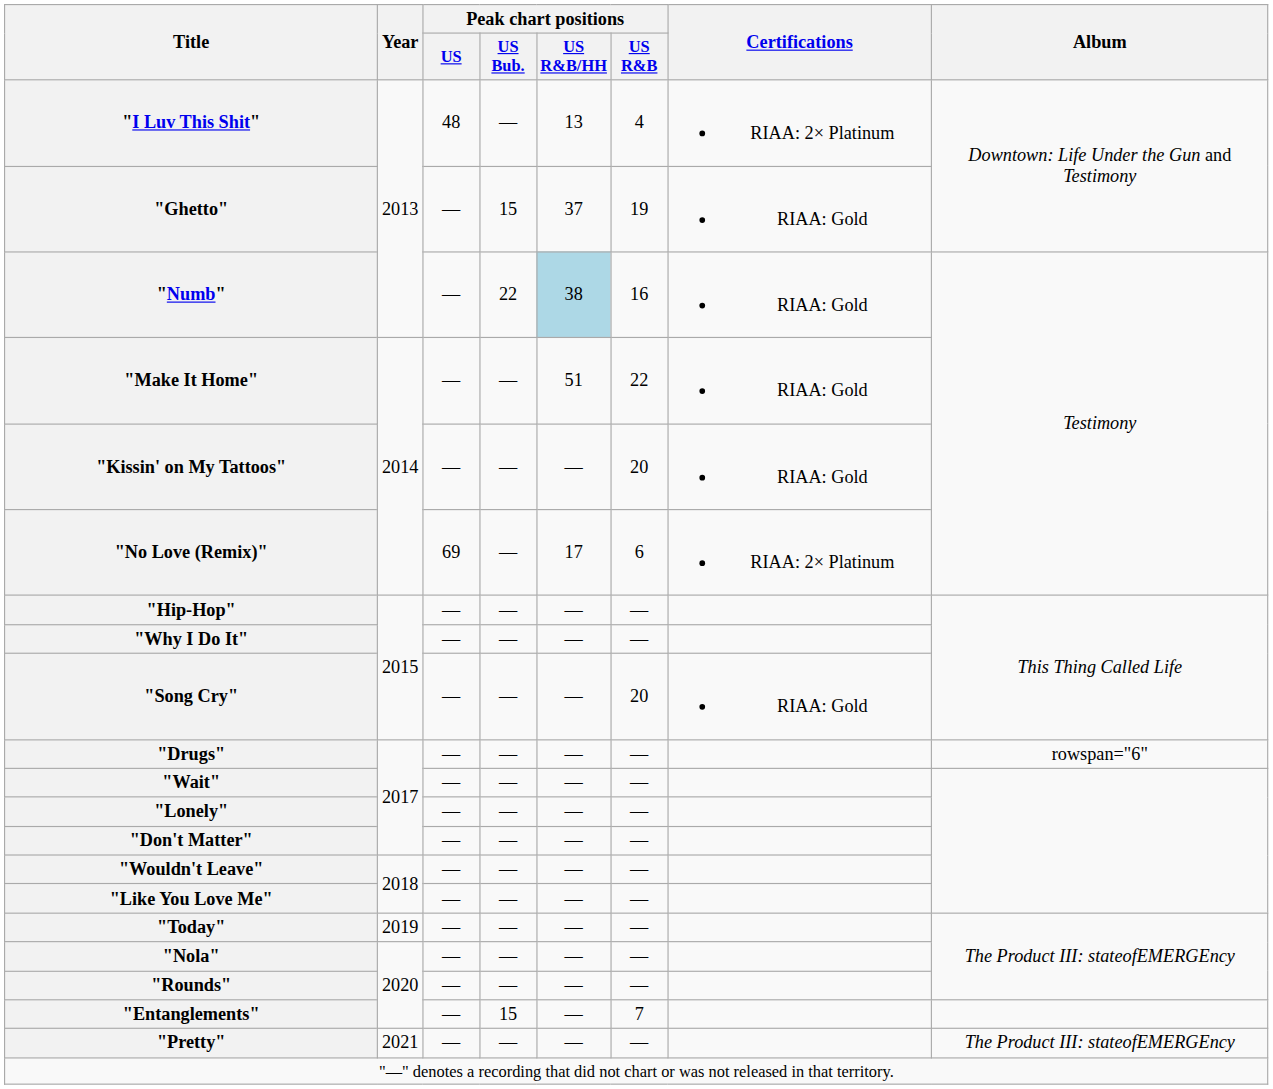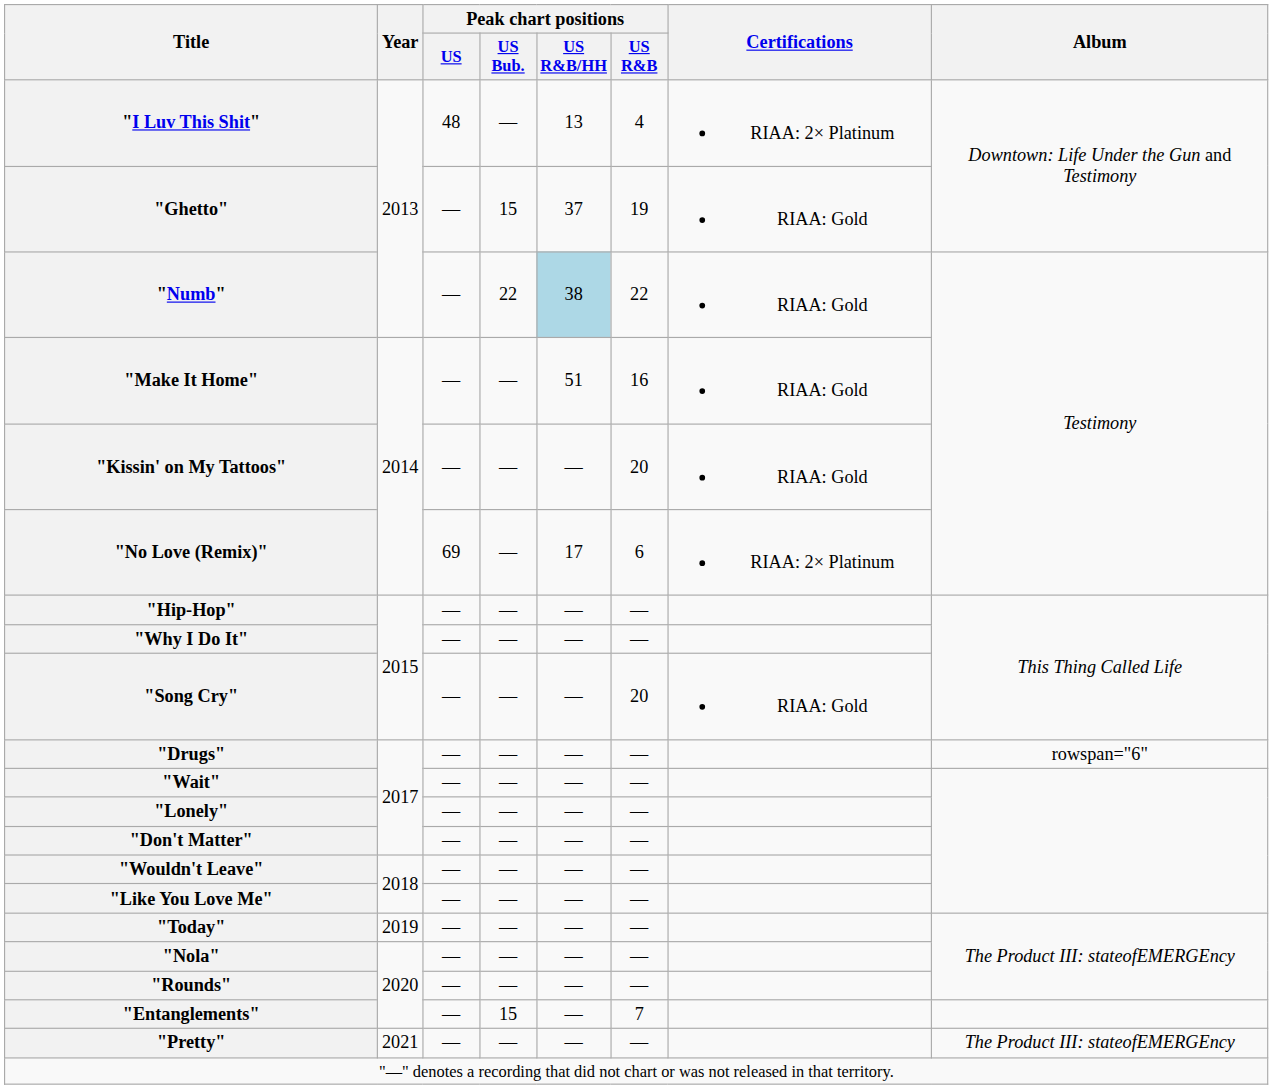 <table class="wikitable plainrowheaders" style="text-align:center;" border="1">
 <tr>
 <th scope="col" rowspan="2" style="width:20em;">Title</th>
 <th scope="col" rowspan="2" style="width:1em;">Year</th>
 <th scope="col" colspan="4">Peak chart positions</th>
 <th scope="col" rowspan="2" style="width:14em;"><a href='#'>Certifications</a></th>
 <th scope="col" rowspan="2" style="width:18em;">Album</th>
 </tr>
 <tr>
 <th scope="col" style="width:3em;font-size:90%;"><a href='#'>US</a><br></th>
 <th scope="col" style="width:3em;font-size:90%;"><a href='#'>US<br>Bub.</a><br></th>
 <th scope="col" style="width:3em;font-size:90%;"><a href='#'>US R&B/HH</a><br></th>
 <th scope="col" style="width:3em;font-size:90%;"><a href='#'>US R&B</a><br></th>
 </tr>
 <tr>
 <th scope="row">"<a href='#'>I Luv This Shit</a>" <br></th>
 <td rowspan="3">2013</td>
 <td>48</td>
 <td>—</td>
 <td>13</td>
 <td>4</td>
 <td><br><ul><li>RIAA: 2× Platinum</li></ul></td>
 <td rowspan="2"><em>Downtown: Life Under the Gun</em> and <em>Testimony</em></td>
 </tr>
 <tr>
 <th scope="row">"Ghetto" <br></th>
 <td>—</td>
 <td>15</td>
 <td>37</td>
 <td>19</td>
 <td><br><ul><li>RIAA: Gold</li></ul></td>
 </tr>
 <tr>
 <th scope="row">"<a href='#'>Numb</a>" <br></th>
 <td>—</td>
 <td>22</td>
 <td style="background: lightblue;">38</td>
-<td>16</td>
+<td>22</td>
 <td><br><ul><li>RIAA: Gold</li></ul></td>
 <td rowspan="4"><em>Testimony</em></td>
 </tr>
 <tr>
 <th scope="row">"Make It Home" <br></th>
 <td rowspan="3">2014</td>
 <td>—</td>
 <td>—</td>
 <td>51</td>
-<td>22</td>
+<td>16</td>
 <td><br><ul><li>RIAA: Gold</li></ul></td>
 </tr>
 <tr>
 <th scope="row">"Kissin' on My Tattoos"</th>
 <td>—</td>
 <td>—</td>
 <td>—</td>
 <td>20</td>
 <td><br><ul><li>RIAA: Gold</li></ul></td>
 </tr>
 <tr>
 <th scope="row">"No Love (Remix)" <br></th>
 <td>69</td>
 <td>—</td>
 <td>17</td>
 <td>6</td>
 <td><br><ul><li>RIAA: 2× Platinum</li></ul></td>
 </tr>
 <tr>
 <th scope="row">"Hip-Hop"</th>
 <td rowspan="3">2015</td>
 <td>—</td>
 <td>—</td>
 <td>—</td>
 <td>—</td>
 <td></td>
 <td rowspan="3"><em>This Thing Called Life</em></td>
 </tr>
 <tr>
 <th scope="row">"Why I Do It" <br></th>
 <td>—</td>
 <td>—</td>
 <td>—</td>
 <td>—</td>
 <td></td>
 </tr>
 <tr>
 <th scope="row">"Song Cry"</th>
 <td>—</td>
 <td>—</td>
 <td>—</td>
 <td>20</td>
 <td><br><ul><li>RIAA: Gold</li></ul></td>
 </tr>
 <tr>
 <th scope="row">"Drugs"</th>
 <td rowspan="4">2017</td>
 <td>—</td>
 <td>—</td>
 <td>—</td>
 <td>—</td>
 <td></td>
 <td>rowspan="6" </td>
 </tr>
 <tr>
 <th scope="row">"Wait"</th>
 <td>—</td>
 <td>—</td>
 <td>—</td>
 <td>—</td>
 <td></td>
 </tr>
 <tr>
 <th scope="row">"Lonely"</th>
 <td>—</td>
 <td>—</td>
 <td>—</td>
 <td>—</td>
 <td></td>
 </tr>
 <tr>
 <th scope="row">"Don't Matter"</th>
 <td>—</td>
 <td>—</td>
 <td>—</td>
 <td>—</td>
 <td></td>
 </tr>
 <tr>
 <th scope="row">"Wouldn't Leave"</th>
 <td rowspan="2">2018</td>
 <td>—</td>
 <td>—</td>
 <td>—</td>
 <td>—</td>
 <td></td>
 </tr>
 <tr>
 <th scope="row">"Like You Love Me"</th>
 <td>—</td>
 <td>—</td>
 <td>—</td>
 <td>—</td>
 <td></td>
 </tr>
 <tr>
 <th scope="row">"Today"</th>
 <td>2019</td>
 <td>—</td>
 <td>—</td>
 <td>—</td>
 <td>—</td>
 <td></td>
 <td rowspan="3"><em>The Product III: stateofEMERGEncy</em></td>
 </tr>
 <tr>
 <th scope="row">"Nola"</th>
 <td rowspan="3">2020</td>
 <td>—</td>
 <td>—</td>
 <td>—</td>
 <td>—</td>
 <td></td>
 </tr>
 <tr>
 <th scope="row">"Rounds"</th>
 <td>—</td>
 <td>—</td>
 <td>—</td>
 <td>—</td>
 <td></td>
 </tr>
 <tr>
 <th scope="row">"Entanglements" <br> </th>
 <td>—</td>
 <td>15</td>
 <td>—</td>
 <td>7</td>
 <td></td>
 <td></td>
 </tr>
 <tr>
 <th scope="row">"Pretty"</th>
 <td>2021</td>
 <td>—</td>
 <td>—</td>
 <td>—</td>
 <td>—</td>
 <td></td>
 <td><em>The Product III: stateofEMERGEncy</em></td>
 </tr>
 <tr>
 <td colspan="8" style="font-size:90%">"—" denotes a recording that did not chart or was not released in that territory.</td>
 </tr>
 </table>
